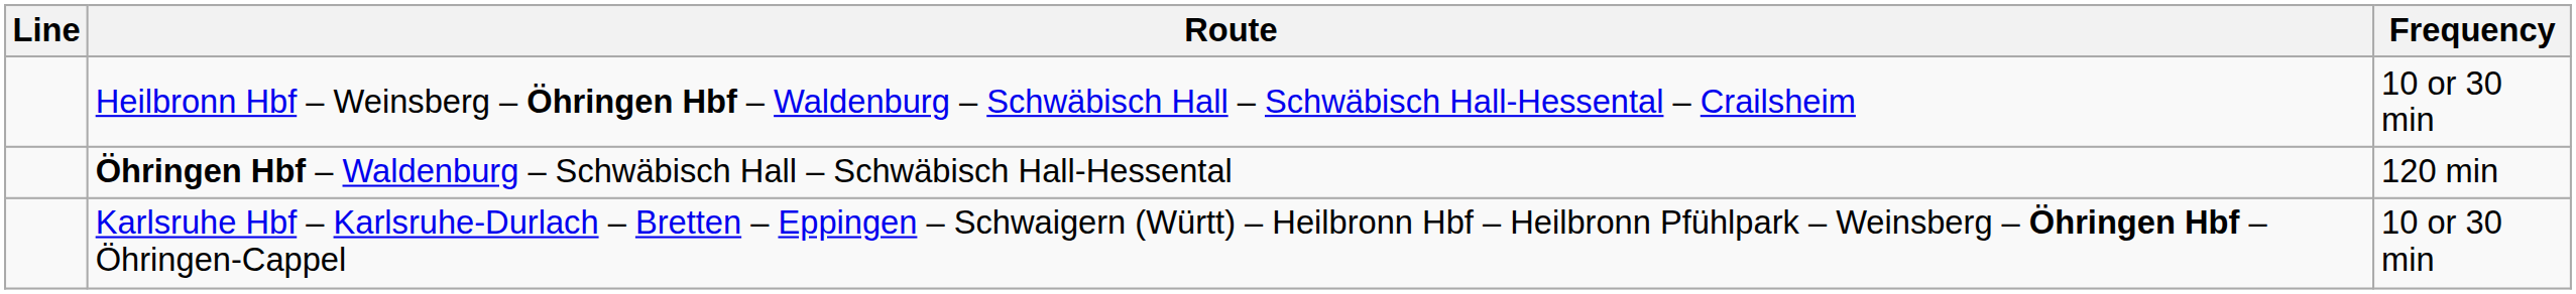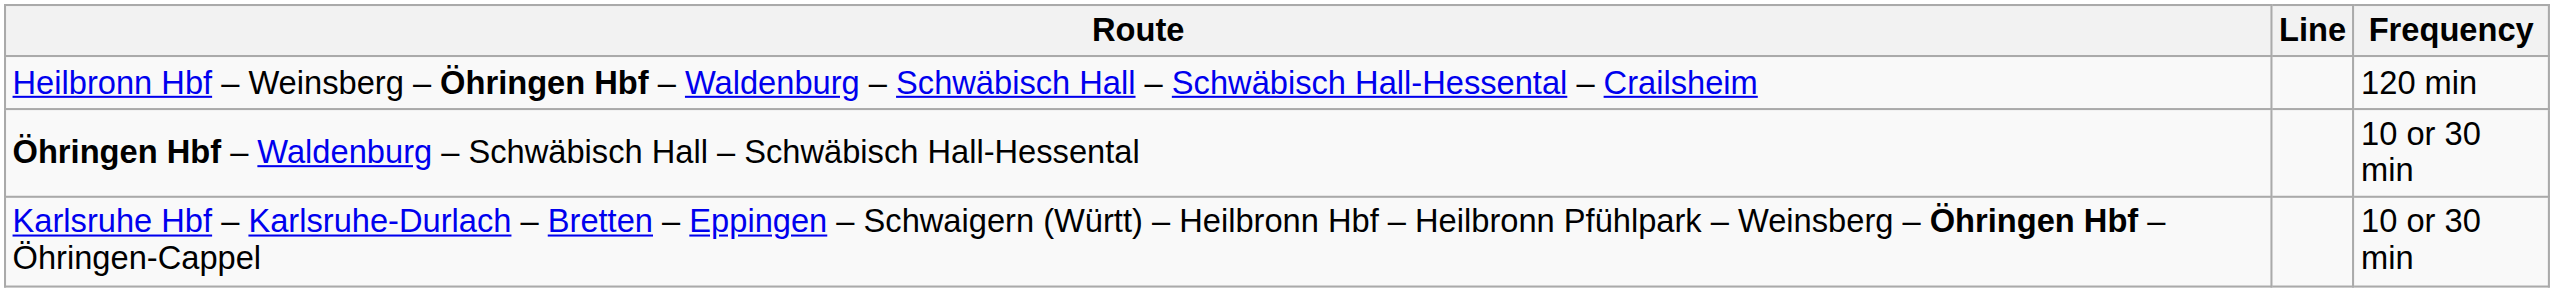 <table class="wikitable">
 <tr class="hintergrundfarbe6">
+<th>Route</th>
 <th>Line</th>
-<th>Route</th>
 <th>Frequency</th>
 </tr>
 <tr>
+<td><a href='#'>Heilbronn Hbf</a> – Weinsberg – <strong>Öhringen Hbf</strong> – <a href='#'>Waldenburg</a> – <a href='#'>Schwäbisch Hall</a> – <a href='#'>Schwäbisch Hall-Hessental</a> – <a href='#'>Crailsheim</a></td>
 <td></td>
-<td><a href='#'>Heilbronn Hbf</a> – Weinsberg – <strong>Öhringen Hbf</strong> – <a href='#'>Waldenburg</a> – <a href='#'>Schwäbisch Hall</a> – <a href='#'>Schwäbisch Hall-Hessental</a> – <a href='#'>Crailsheim</a></td>
+<td>120 min</td>
+</tr>
+<tr>
+<td><strong>Öhringen Hbf</strong> – <a href='#'>Waldenburg</a> – Schwäbisch Hall – Schwäbisch Hall-Hessental</td>
+<td></td>
 <td>10 or 30 min</td>
 </tr>
 <tr>
+<td><a href='#'>Karlsruhe Hbf</a> – <a href='#'>Karlsruhe-Durlach</a> – <a href='#'>Bretten</a> – <a href='#'>Eppingen</a> – Schwaigern (Württ) – Heilbronn Hbf – Heilbronn Pfühlpark – Weinsberg – <strong>Öhringen Hbf</strong> – Öhringen-Cappel</td>
 <td></td>
-<td><strong>Öhringen Hbf</strong> – <a href='#'>Waldenburg</a> – Schwäbisch Hall – Schwäbisch Hall-Hessental</td>
-<td>120 min</td>
-</tr>
-<tr>
-<td></td>
-<td><a href='#'>Karlsruhe Hbf</a> – <a href='#'>Karlsruhe-Durlach</a> – <a href='#'>Bretten</a> – <a href='#'>Eppingen</a> – Schwaigern (Württ) – Heilbronn Hbf – Heilbronn Pfühlpark – Weinsberg – <strong>Öhringen Hbf</strong> – Öhringen-Cappel</td>
 <td>10 or 30 min</td>
 </tr>
 </table>
